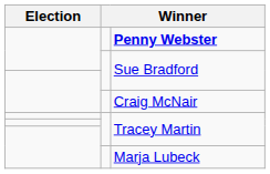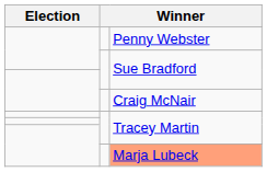 <table class="wikitable">
 <tr>
 <th width=100>Election</th>
 <th width=175 colspan=2>Winner</th>
 </tr>
 <tr>
 <td rowspan="2"></td>
 <td bgcolor=></td>
-<td><strong><a href='#'>Penny Webster</a></strong></td>
+<td><a href='#'>Penny Webster</a></td>
 </tr>
 <tr>
 <td height=15 style="border-bottom:solid 0 grey; background:"></td>
 <td rowspan="2"><a href='#'>Sue Bradford</a></td>
 </tr>
 <tr>
 <td rowspan=2></td>
 <td height=15 style="border-top:solid 0 grey; background:"></td>
 </tr>
 <tr>
 <td bgcolor=></td>
 <td><a href='#'>Craig McNair</a></td>
 </tr>
 <tr>
 <td></td>
 <td rowspan=2 style="border-bottom:solid 0 grey; background:"></td>
 <td rowspan=3><a href='#'>Tracey Martin</a></td>
 </tr>
 <tr>
 <td></td>
 </tr>
 <tr>
 <td rowspan=2></td>
 <td height=15 style="border-top:solid 0 grey; background:"></td>
 </tr>
 <tr>
 <td bgcolor=></td>
-<td><a href='#'>Marja Lubeck</a></td>
+<td style="background: lightsalmon;"><a href='#'>Marja Lubeck</a></td>
 </tr>
 </table>
